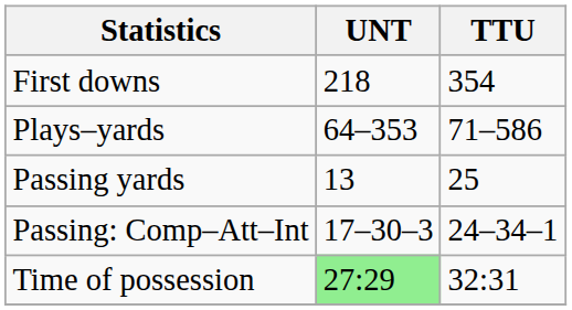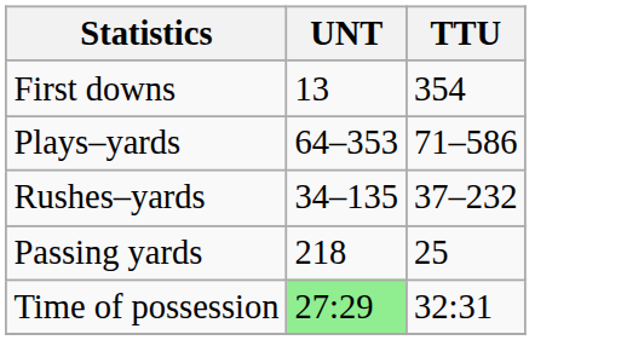 <table class="wikitable" style="float: left;">
 <tr>
 <th>Statistics</th>
 <th>UNT</th>
 <th>TTU</th>
 </tr>
 <tr>
 <td>First downs</td>
-<td>218</td>
+<td>13</td>
 <td>354</td>
 </tr>
 <tr>
 <td>Plays–yards</td>
 <td>64–353</td>
 <td>71–586</td>
 </tr>
 <tr>
-<td>Passing yards</td>
-<td>13</td>
-<td>25</td>
+<td>Rushes–yards</td>
+<td>34–135</td>
+<td>37–232</td>
 </tr>
 <tr>
-<td>Passing: Comp–Att–Int</td>
-<td>17–30–3</td>
-<td>24–34–1</td>
+<td>Passing yards</td>
+<td>218</td>
+<td>25</td>
 </tr>
 <tr>
 <td>Time of possession</td>
 <td style="background: lightgreen;">27:29</td>
 <td>32:31</td>
 </tr>
 <tr>
 </tr>
 </table>
